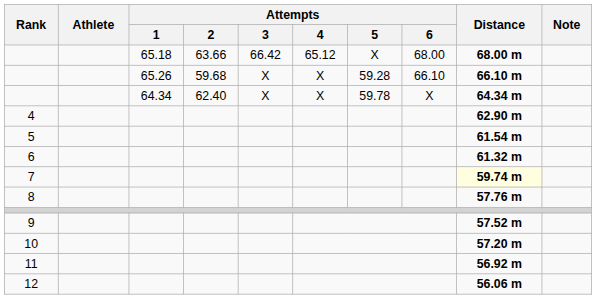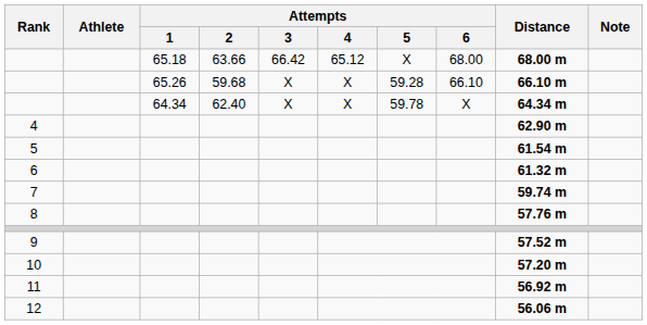 <table class="wikitable" style=" text-align:center; font-size:110%;" width="95%">
 <tr>
 <th rowspan="2">Rank</th>
 <th rowspan="2">Athlete</th>
 <th colspan="6">Attempts</th>
 <th rowspan="2">Distance</th>
 <th rowspan="2">Note</th>
 </tr>
 <tr>
 <th>1</th>
 <th>2</th>
 <th>3</th>
 <th>4</th>
 <th>5</th>
 <th>6</th>
 </tr>
 <tr>
 <td></td>
 <td align=left></td>
 <td>65.18</td>
 <td>63.66</td>
 <td>66.42</td>
 <td>65.12</td>
 <td>X</td>
 <td>68.00</td>
 <td><strong>68.00 m</strong></td>
 <td></td>
 </tr>
 <tr>
 <td></td>
 <td align=left></td>
 <td>65.26</td>
 <td>59.68</td>
 <td>X</td>
 <td>X</td>
 <td>59.28</td>
 <td>66.10</td>
 <td><strong>66.10 m</strong></td>
 <td></td>
 </tr>
 <tr>
 <td></td>
 <td align=left></td>
 <td>64.34</td>
 <td>62.40</td>
 <td>X</td>
 <td>X</td>
 <td>59.78</td>
 <td>X</td>
 <td><strong>64.34 m</strong></td>
 <td></td>
 </tr>
 <tr>
 <td>4</td>
 <td align=left></td>
 <td></td>
 <td></td>
 <td></td>
 <td></td>
 <td></td>
 <td></td>
 <td><strong>62.90 m</strong></td>
 <td></td>
 </tr>
 <tr>
 <td>5</td>
 <td align=left></td>
 <td></td>
 <td></td>
 <td></td>
 <td></td>
 <td></td>
 <td></td>
 <td><strong>61.54 m</strong></td>
 <td></td>
 </tr>
 <tr>
 <td>6</td>
 <td align=left></td>
 <td></td>
 <td></td>
 <td></td>
 <td></td>
 <td></td>
 <td></td>
 <td><strong>61.32 m</strong></td>
 <td></td>
 </tr>
 <tr>
 <td>7</td>
 <td align=left></td>
 <td></td>
 <td></td>
 <td></td>
 <td></td>
 <td></td>
 <td></td>
-<td style="background: lightyellow;"><strong>59.74 m</strong></td>
+<td><strong>59.74 m</strong></td>
 <td></td>
 </tr>
 <tr>
 <td>8</td>
 <td align=left></td>
 <td></td>
 <td></td>
 <td></td>
 <td></td>
 <td></td>
 <td></td>
 <td><strong>57.76 m</strong></td>
 <td></td>
 </tr>
 <tr>
 <td colspan=10 bgcolor=lightgray></td>
 </tr>
 <tr>
 <td>9</td>
 <td align=left></td>
 <td></td>
 <td></td>
 <td></td>
 <td colspan=3></td>
 <td><strong>57.52 m</strong></td>
 <td></td>
 </tr>
 <tr>
 <td>10</td>
 <td align=left></td>
 <td></td>
 <td></td>
 <td></td>
 <td colspan=3></td>
 <td><strong>57.20 m</strong></td>
 <td></td>
 </tr>
 <tr>
 <td>11</td>
 <td align=left></td>
 <td></td>
 <td></td>
 <td></td>
 <td colspan=3></td>
 <td><strong>56.92 m</strong></td>
 <td></td>
 </tr>
 <tr>
 <td>12</td>
 <td align=left></td>
 <td></td>
 <td></td>
 <td></td>
 <td colspan=3></td>
 <td><strong>56.06 m</strong></td>
 <td></td>
 </tr>
 </table>
